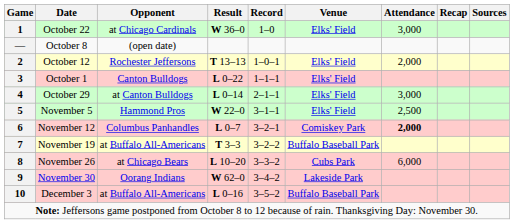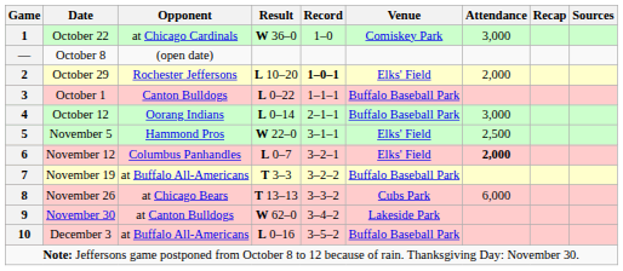 <table class="wikitable" style="text-align:center">
 <tr>
 <th>Game</th>
 <th>Date</th>
 <th>Opponent</th>
 <th>Result</th>
 <th>Record</th>
 <th>Venue</th>
 <th>Attendance</th>
 <th>Recap</th>
 <th>Sources</th>
 </tr>
 <tr style="background:#cfc">
 <th>1</th>
 <td>October 22</td>
 <td>at <a href='#'>Chicago Cardinals</a></td>
 <td><strong>W</strong> 36–0</td>
 <td>1–0</td>
-<td><a href='#'>Elks' Field</a></td>
+<td><a href='#'>Comiskey Park</a></td>
 <td>3,000</td>
 <td></td>
 <td></td>
 </tr>
 <tr>
 <th>—</th>
 <td>October 8</td>
 <td>(open date)</td>
 <td></td>
 <td></td>
 <td></td>
 <td></td>
 <td></td>
 <td></td>
 </tr>
 <tr style="background:#ffc">
 <th>2</th>
-<td>October 12</td>
+<td>October 29</td>
 <td><a href='#'>Rochester Jeffersons</a></td>
-<td><strong>T</strong> 13–13</td>
-<td>1–0–1</td>
+<td><strong>L</strong> 10–20</td>
+<td><strong>1–0–1</strong></td>
 <td><a href='#'>Elks' Field</a></td>
 <td>2,000</td>
 <td></td>
 <td></td>
 </tr>
 <tr style="background:#fcc">
 <th>3</th>
 <td>October 1</td>
 <td><a href='#'>Canton Bulldogs</a></td>
 <td><strong>L</strong> 0–22</td>
 <td>1–1–1</td>
-<td><a href='#'>Elks' Field</a></td>
+<td><a href='#'>Buffalo Baseball Park</a></td>
 <td></td>
 <td></td>
 <td></td>
 </tr>
 <tr style="background:#cfc">
 <th>4</th>
-<td>October 29</td>
-<td>at <a href='#'>Canton Bulldogs</a></td>
+<td>October 12</td>
+<td><a href='#'>Oorang Indians</a></td>
 <td><strong>L</strong> 0–14</td>
 <td>2–1–1</td>
-<td><a href='#'>Elks' Field</a></td>
+<td><a href='#'>Buffalo Baseball Park</a></td>
 <td>3,000</td>
 <td></td>
 <td></td>
 </tr>
 <tr style="background:#cfc">
 <th>5</th>
 <td>November 5</td>
 <td><a href='#'>Hammond Pros</a></td>
 <td><strong>W</strong> 22–0</td>
 <td>3–1–1</td>
 <td><a href='#'>Elks' Field</a></td>
 <td>2,500</td>
 <td></td>
 <td></td>
 </tr>
 <tr style="background:#fcc">
 <th>6</th>
 <td>November 12</td>
 <td><a href='#'>Columbus Panhandles</a></td>
 <td><strong>L</strong> 0–7</td>
 <td>3–2–1</td>
-<td><a href='#'>Comiskey Park</a></td>
+<td><a href='#'>Elks' Field</a></td>
 <td><strong>2,000</strong></td>
 <td></td>
 <td></td>
 </tr>
 <tr style="background:#ffc">
 <th>7</th>
 <td>November 19</td>
 <td>at <a href='#'>Buffalo All-Americans</a></td>
 <td><strong>T</strong> 3–3</td>
 <td>3–2–2</td>
 <td><a href='#'>Buffalo Baseball Park</a></td>
 <td></td>
 <td></td>
 <td></td>
 </tr>
 <tr style="background:#fcc">
 <th>8</th>
 <td>November 26</td>
 <td>at <a href='#'>Chicago Bears</a></td>
-<td><strong>L</strong> 10–20</td>
+<td><strong>T</strong> 13–13</td>
 <td>3–3–2</td>
 <td><a href='#'>Cubs Park</a></td>
 <td>6,000</td>
 <td></td>
 <td></td>
 </tr>
 <tr style="background:#fcc">
 <th>9</th>
 <td><a href='#'>November 30</a></td>
-<td><a href='#'>Oorang Indians</a></td>
+<td>at <a href='#'>Canton Bulldogs</a></td>
 <td><strong>W</strong> 62–0</td>
 <td>3–4–2</td>
 <td><a href='#'>Lakeside Park</a></td>
 <td></td>
 <td></td>
 <td></td>
 </tr>
 <tr style="background:#fcc">
 <th>10</th>
 <td>December 3</td>
 <td>at <a href='#'>Buffalo All-Americans</a></td>
 <td><strong>L</strong> 0–16</td>
 <td>3–5–2</td>
 <td><a href='#'>Buffalo Baseball Park</a></td>
 <td></td>
 <td></td>
 <td></td>
 </tr>
 <tr>
 <td colspan="10"><strong>Note:</strong> Jeffersons game postponed from October 8 to 12 because of rain. Thanksgiving Day: November 30.</td>
 </tr>
 </table>
